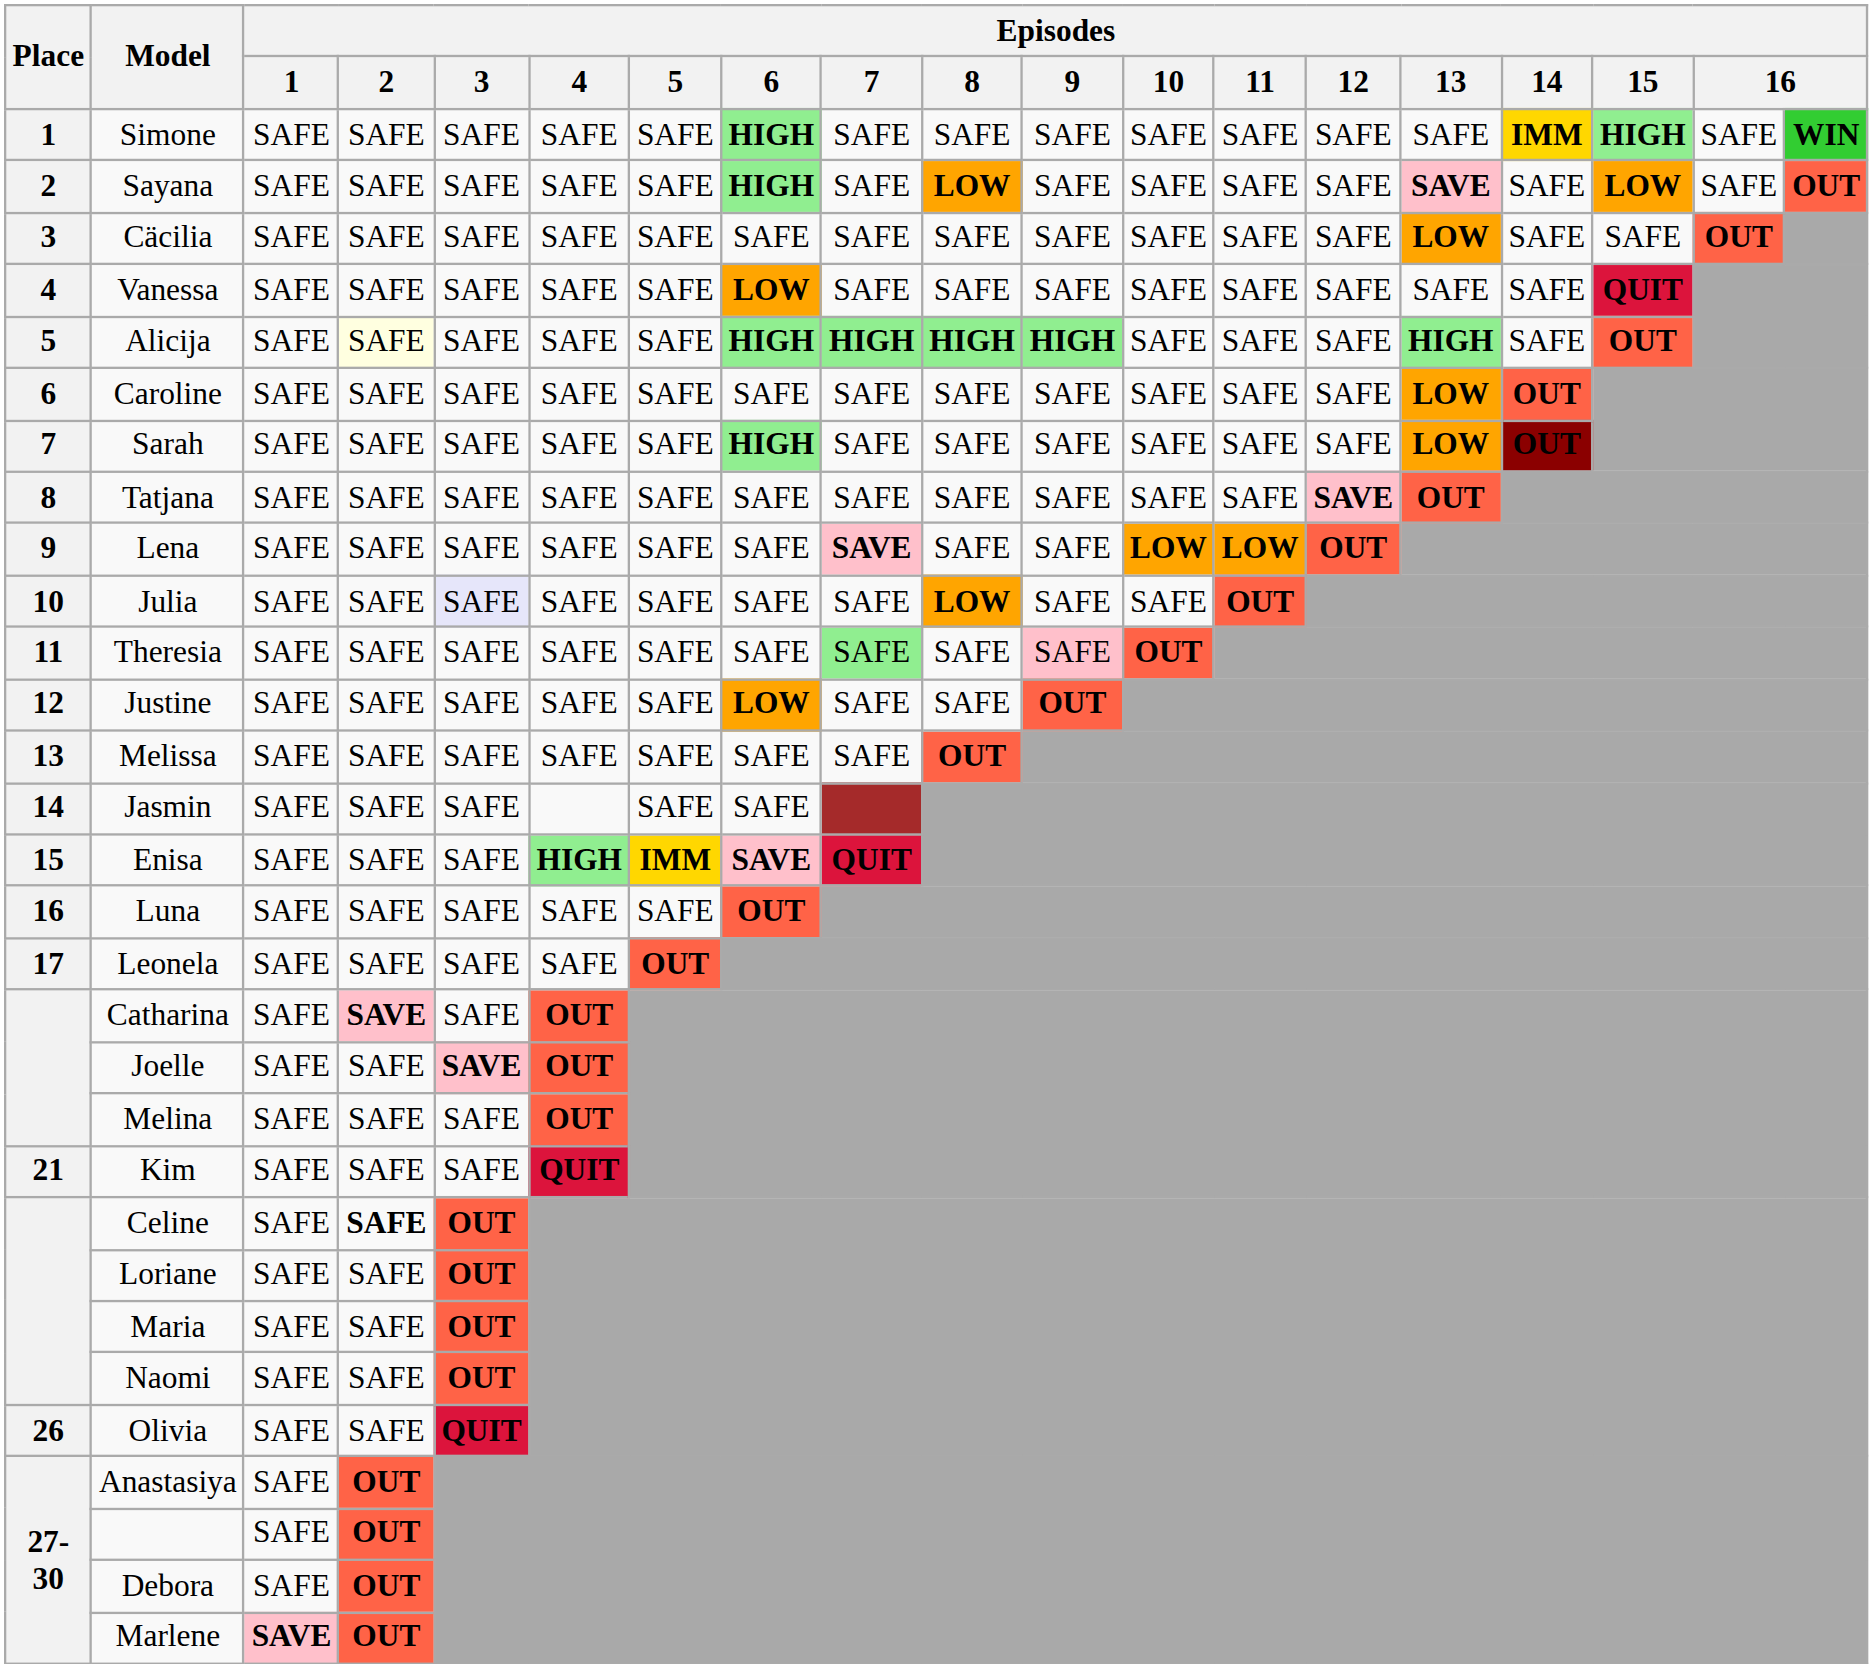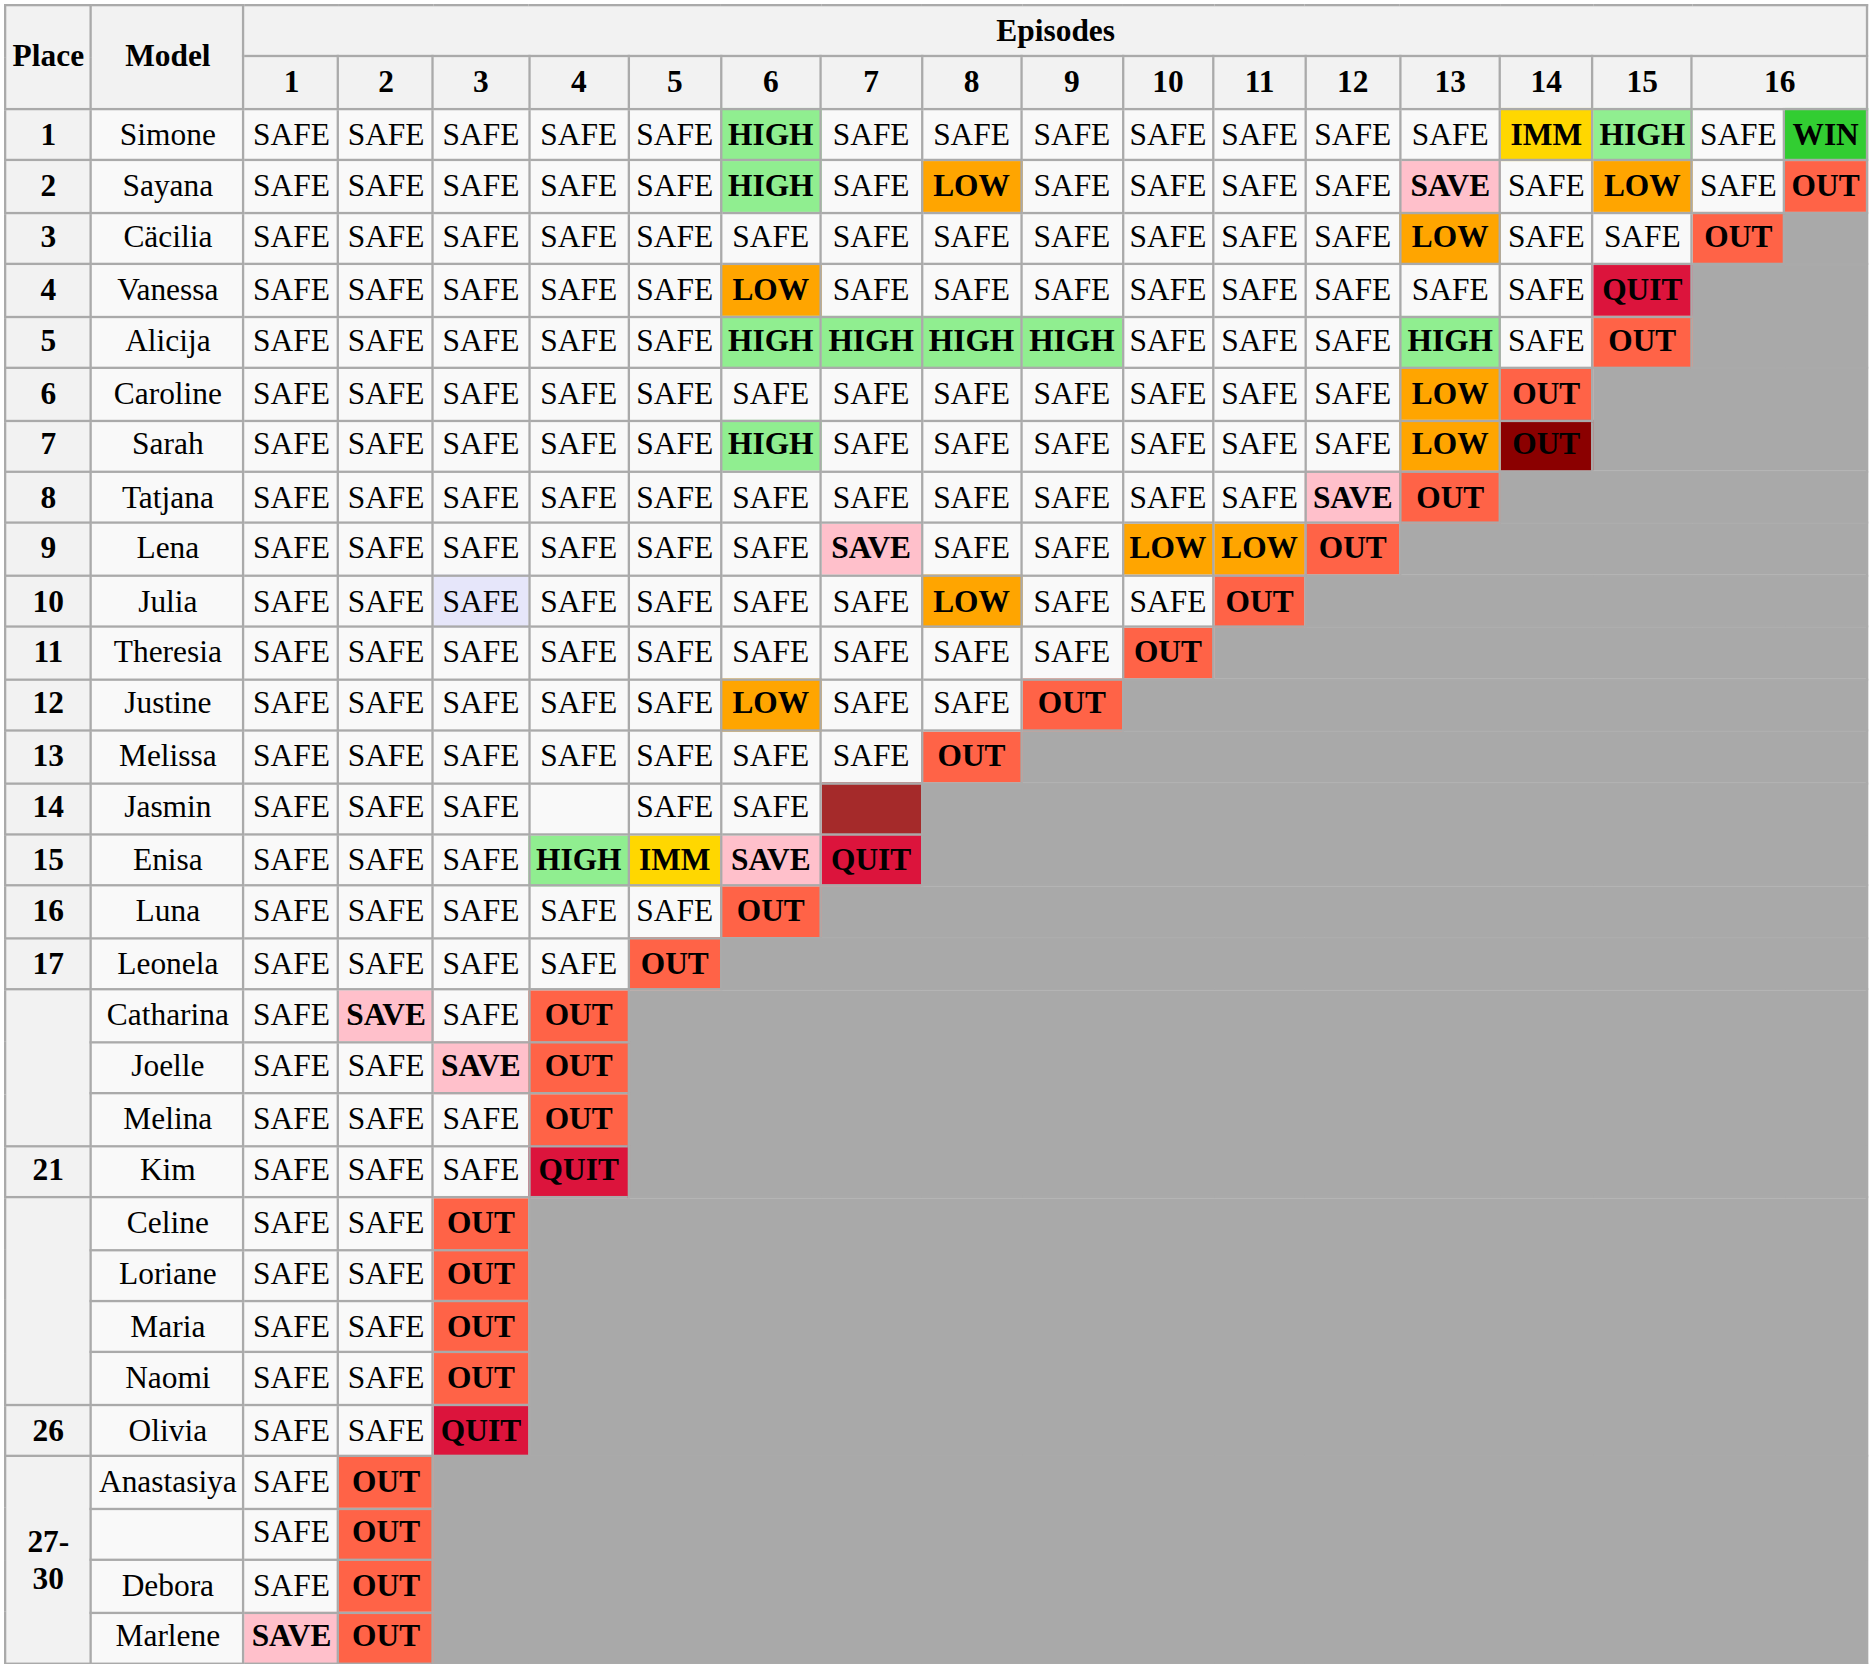 <table class="wikitable" style="width:50%; text-align:center; font-size:85%;">
 <tr>
 <th rowspan="2">Place</th>
 <th rowspan="2">Model</th>
 <th colspan="20">Episodes</th>
 </tr>
 <tr>
 <th>1</th>
 <th>2</th>
 <th>3</th>
 <th>4</th>
 <th>5</th>
 <th>6</th>
 <th>7</th>
 <th>8</th>
 <th>9</th>
 <th>10</th>
 <th>11</th>
 <th>12</th>
 <th>13</th>
 <th>14</th>
 <th>15</th>
 <th colspan=2>16</th>
 </tr>
 <tr>
 <th>1</th>
 <td>Simone</td>
 <td>SAFE</td>
 <td>SAFE</td>
 <td>SAFE</td>
 <td>SAFE</td>
 <td>SAFE</td>
 <td style="background:lightgreen;"><span><strong>HIGH</strong></span></td>
 <td>SAFE</td>
 <td>SAFE</td>
 <td>SAFE</td>
 <td>SAFE</td>
 <td>SAFE</td>
 <td>SAFE</td>
 <td>SAFE</td>
 <td style="background:gold;"><strong>IMM</strong></td>
 <td style="background:lightgreen;"><span><strong>HIGH</strong></span></td>
 <td>SAFE</td>
 <td style="background:limegreen;"><strong>WIN</strong></td>
 </tr>
 <tr>
 <th>2</th>
 <td>Sayana</td>
 <td>SAFE</td>
 <td>SAFE</td>
 <td>SAFE</td>
 <td>SAFE</td>
 <td>SAFE</td>
 <td style="background:lightgreen;"><span><strong>HIGH</strong></span></td>
 <td>SAFE</td>
 <td style="background:orange;"><strong>LOW</strong></td>
 <td>SAFE</td>
 <td>SAFE</td>
 <td>SAFE</td>
 <td>SAFE</td>
 <td style="background:pink;"><strong>SAVE</strong></td>
 <td>SAFE</td>
 <td style="background:orange;"><strong>LOW</strong></td>
 <td>SAFE</td>
 <td style="background:tomato;"><strong>OUT</strong></td>
 </tr>
 <tr>
 <th>3</th>
 <td>Cäcilia</td>
 <td>SAFE</td>
 <td>SAFE</td>
 <td>SAFE</td>
 <td>SAFE</td>
 <td>SAFE</td>
 <td>SAFE</td>
 <td>SAFE</td>
 <td>SAFE</td>
 <td>SAFE</td>
 <td>SAFE</td>
 <td>SAFE</td>
 <td>SAFE</td>
 <td style="background:orange;"><strong>LOW</strong></td>
 <td>SAFE</td>
 <td>SAFE</td>
 <td style="background:tomato;"><strong>OUT</strong></td>
 <td style="background:darkgrey"></td>
 </tr>
 <tr>
 <th>4</th>
 <td>Vanessa</td>
 <td>SAFE</td>
 <td>SAFE</td>
 <td>SAFE</td>
 <td>SAFE</td>
 <td>SAFE</td>
 <td style="background:orange;"><strong>LOW</strong></td>
 <td>SAFE</td>
 <td>SAFE</td>
 <td>SAFE</td>
 <td>SAFE</td>
 <td>SAFE</td>
 <td>SAFE</td>
 <td>SAFE</td>
 <td>SAFE</td>
 <td style="background:crimson;"><span><strong>QUIT</strong></span></td>
 <td rowspan="2" colspan="3" style="background:darkgrey"></td>
 </tr>
 <tr>
 <th>5</th>
 <td>Alicija</td>
 <td>SAFE</td>
-<td style="background: lightyellow;">SAFE</td>
+<td>SAFE</td>
 <td>SAFE</td>
 <td>SAFE</td>
 <td>SAFE</td>
 <td style="background:lightgreen;"><span><strong>HIGH</strong></span></td>
 <td style="background:lightgreen;"><span><strong>HIGH</strong></span></td>
 <td style="background:lightgreen;"><span><strong>HIGH</strong></span></td>
 <td style="background:lightgreen;"><span><strong>HIGH</strong></span></td>
 <td>SAFE</td>
 <td>SAFE</td>
 <td>SAFE</td>
 <td style="background:lightgreen;"><span><strong>HIGH</strong></span></td>
 <td>SAFE</td>
 <td style="background:tomato;"><strong>OUT</strong></td>
 </tr>
 <tr>
 <th>6</th>
 <td>Caroline</td>
 <td>SAFE</td>
 <td>SAFE</td>
 <td>SAFE</td>
 <td>SAFE</td>
 <td>SAFE</td>
 <td>SAFE</td>
 <td>SAFE</td>
 <td>SAFE</td>
 <td>SAFE</td>
 <td>SAFE</td>
 <td>SAFE</td>
 <td>SAFE</td>
 <td style="background:orange;"><strong>LOW</strong></td>
 <td style="background:tomato;"><strong>OUT</strong></td>
 <td rowspan="2" colspan="25" style="background:darkgrey"></td>
 </tr>
 <tr>
 <th>7</th>
 <td>Sarah</td>
 <td>SAFE</td>
 <td>SAFE</td>
 <td>SAFE</td>
 <td>SAFE</td>
 <td>SAFE</td>
 <td style="background:lightgreen;"><span><strong>HIGH</strong></span></td>
 <td>SAFE</td>
 <td>SAFE</td>
 <td>SAFE</td>
 <td>SAFE</td>
 <td>SAFE</td>
 <td>SAFE</td>
 <td style="background:orange;"><strong>LOW</strong></td>
 <td style="background:darkred;"><span><strong>OUT</strong></span></td>
 </tr>
 <tr>
 <th>8</th>
 <td>Tatjana</td>
 <td>SAFE</td>
 <td>SAFE</td>
 <td>SAFE</td>
 <td>SAFE</td>
 <td>SAFE</td>
 <td>SAFE</td>
 <td>SAFE</td>
 <td>SAFE</td>
 <td>SAFE</td>
 <td>SAFE</td>
 <td>SAFE</td>
 <td style="background:pink;"><strong>SAVE</strong></td>
 <td style="background:tomato;"><strong>OUT</strong></td>
 <td colspan="25" style="background:darkgrey"></td>
 </tr>
 <tr>
 <th>9</th>
 <td>Lena</td>
 <td>SAFE</td>
 <td>SAFE</td>
 <td>SAFE</td>
 <td>SAFE</td>
 <td>SAFE</td>
 <td>SAFE</td>
 <td style="background:pink;"><strong>SAVE</strong></td>
 <td>SAFE</td>
 <td>SAFE</td>
 <td style="background:orange;"><strong>LOW</strong></td>
 <td style="background:orange;"><strong>LOW</strong></td>
 <td style="background:tomato;"><strong>OUT</strong></td>
 <td colspan="25" style="background:darkgrey"></td>
 </tr>
 <tr>
 <th>10</th>
 <td>Julia</td>
 <td>SAFE</td>
 <td>SAFE</td>
 <td style="background: lavender;">SAFE</td>
 <td>SAFE</td>
 <td>SAFE</td>
 <td>SAFE</td>
 <td>SAFE</td>
 <td style="background:orange;"><strong>LOW</strong></td>
 <td>SAFE</td>
 <td>SAFE</td>
 <td style="background:tomato;"><strong>OUT</strong></td>
 <td colspan="25" style="background:darkgrey"></td>
 </tr>
 <tr>
 <th>11</th>
 <td>Theresia</td>
 <td>SAFE</td>
 <td>SAFE</td>
 <td>SAFE</td>
 <td>SAFE</td>
 <td>SAFE</td>
 <td>SAFE</td>
-<td style="background: lightgreen;">SAFE</td>
 <td>SAFE</td>
-<td style="background: pink;">SAFE</td>
+<td>SAFE</td>
+<td>SAFE</td>
 <td style="background:tomato;"><strong>OUT</strong></td>
 <td colspan="25" style="background:darkgrey"></td>
 </tr>
 <tr>
 <th>12</th>
 <td>Justine</td>
 <td>SAFE</td>
 <td>SAFE</td>
 <td>SAFE</td>
 <td>SAFE</td>
 <td>SAFE</td>
 <td style="background:orange;"><strong>LOW</strong></td>
 <td>SAFE</td>
 <td>SAFE</td>
 <td style="background:tomato;"><strong>OUT</strong></td>
 <td colspan="25" style="background:darkgrey"></td>
 </tr>
 <tr>
 <th>13</th>
 <td>Melissa</td>
 <td>SAFE</td>
 <td>SAFE</td>
 <td>SAFE</td>
 <td>SAFE</td>
 <td>SAFE</td>
 <td>SAFE</td>
 <td>SAFE</td>
 <td style="background:tomato;"><strong>OUT</strong></td>
 <td colspan="25" style="background:darkgrey"></td>
 </tr>
 <tr>
 <th>14</th>
 <td>Jasmin</td>
 <td>SAFE</td>
 <td>SAFE</td>
 <td>SAFE</td>
 <td></td>
 <td>SAFE</td>
 <td>SAFE</td>
 <td style="background:brown;"></td>
 <td rowspan="2" colspan="25" style="background:darkgrey"></td>
 </tr>
 <tr>
 <th>15</th>
 <td>Enisa</td>
 <td>SAFE</td>
 <td>SAFE</td>
 <td>SAFE</td>
 <td style="background:lightgreen;"><strong>HIGH</strong></td>
 <td style="background:gold;"><strong>IMM</strong></td>
 <td style="background:pink;"><strong>SAVE</strong></td>
 <td style="background:crimson;"><span><strong>QUIT</strong></span></td>
 </tr>
 <tr>
 <th>16</th>
 <td>Luna</td>
 <td>SAFE</td>
 <td>SAFE</td>
 <td>SAFE</td>
 <td>SAFE</td>
 <td>SAFE</td>
 <td style="background:tomato;"><strong>OUT</strong></td>
 <td colspan="25" style="background:darkgrey"></td>
 </tr>
 <tr>
 <th>17</th>
 <td>Leonela</td>
 <td>SAFE</td>
 <td>SAFE</td>
 <td>SAFE</td>
 <td>SAFE</td>
 <td style="background:tomato;"><strong>OUT</strong></td>
 <td colspan="25" style="background:darkgrey"></td>
 </tr>
 <tr>
 <th rowspan="3"></th>
 <td>Catharina</td>
 <td>SAFE</td>
 <td style="background:pink;"><strong>SAVE</strong></td>
 <td>SAFE</td>
 <td style="background:tomato;"><strong>OUT</strong></td>
 <td rowspan="4" colspan="25" style="background:darkgrey"></td>
 </tr>
 <tr>
 <td>Joelle</td>
 <td>SAFE</td>
 <td>SAFE</td>
 <td style="background:pink;"><strong>SAVE</strong></td>
 <td style="background:tomato;"><strong>OUT</strong></td>
 </tr>
 <tr>
 <td>Melina</td>
 <td>SAFE</td>
 <td>SAFE</td>
 <td>SAFE</td>
 <td style="background:tomato;"><strong>OUT</strong></td>
 </tr>
 <tr>
 <th>21</th>
 <td>Kim</td>
 <td>SAFE</td>
 <td>SAFE</td>
 <td>SAFE</td>
 <td style="background:crimson;"><span><strong>QUIT</strong></span></td>
 </tr>
 <tr>
 <th rowspan="4"></th>
 <td>Celine</td>
 <td>SAFE</td>
-<td><strong>SAFE</strong></td>
+<td>SAFE</td>
 <td style="background:tomato;"><strong>OUT</strong></td>
 <td rowspan="5" colspan="25" style="background:darkgrey"></td>
 </tr>
 <tr>
 <td>Loriane</td>
 <td>SAFE</td>
 <td>SAFE</td>
 <td style="background:tomato;"><strong>OUT</strong></td>
 </tr>
 <tr>
 <td>Maria</td>
 <td>SAFE</td>
 <td>SAFE</td>
 <td style="background:tomato;"><strong>OUT</strong></td>
 </tr>
 <tr>
 <td>Naomi</td>
 <td>SAFE</td>
 <td>SAFE</td>
 <td style="background:tomato;"><strong>OUT</strong></td>
 </tr>
 <tr>
 <th>26</th>
 <td>Olivia</td>
 <td>SAFE</td>
 <td>SAFE</td>
 <td style="background:crimson;"><span><strong>QUIT</strong></span></td>
 </tr>
 <tr>
 <th rowspan="4">27-30</th>
 <td>Anastasiya</td>
 <td>SAFE</td>
 <td style="background:tomato;"><strong>OUT</strong></td>
 <td rowspan="4" colspan="25" style="background:darkgrey"></td>
 </tr>
 <tr>
 <td></td>
 <td>SAFE</td>
 <td style="background:tomato;"><strong>OUT</strong></td>
 </tr>
 <tr>
 <td>Debora</td>
 <td>SAFE</td>
 <td style="background:tomato;"><strong>OUT</strong></td>
 </tr>
 <tr>
 <td>Marlene</td>
 <td style="background:pink;"><strong>SAVE</strong></td>
 <td style="background:tomato;"><strong>OUT</strong></td>
 </tr>
 </table>
